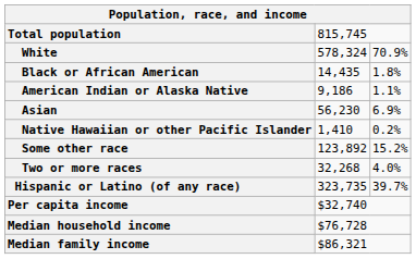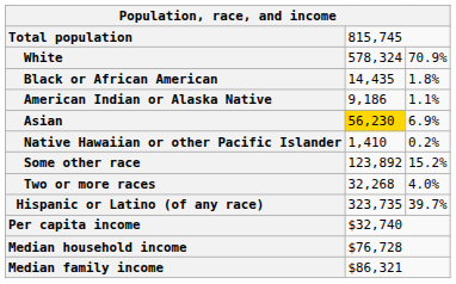 <table class="wikitable collapsible collapsed">
 <tr>
 <th colspan=6>Population, race, and income</th>
 </tr>
 <tr>
 <th scope="row" style="text-align: left;">Total population</th>
 <td colspan=2>815,745</td>
 </tr>
 <tr>
 <th scope="row" style="text-align: left;">  White</th>
 <td>578,324</td>
 <td>70.9%</td>
 </tr>
 <tr>
 <th scope="row" style="text-align: left;">  Black or African American</th>
 <td>14,435</td>
 <td>1.8%</td>
 </tr>
 <tr>
 <th scope="row" style="text-align: left;">  American Indian or Alaska Native</th>
 <td>9,186</td>
 <td>1.1%</td>
 </tr>
 <tr>
 <th scope="row" style="text-align: left;">  Asian</th>
-<td>56,230</td>
+<td style="background: gold;">56,230</td>
 <td>6.9%</td>
 </tr>
 <tr>
 <th scope="row" style="text-align: left;">  Native Hawaiian or other Pacific Islander</th>
 <td>1,410</td>
 <td>0.2%</td>
 </tr>
 <tr>
 <th scope="row" style="text-align: left;">  Some other race</th>
 <td>123,892</td>
 <td>15.2%</td>
 </tr>
 <tr>
 <th scope="row" style="text-align: left;">  Two or more races</th>
 <td>32,268</td>
 <td>4.0%</td>
 </tr>
 <tr>
 <th scope="row" style="text-align: left;"> Hispanic or Latino (of any race)</th>
 <td>323,735</td>
 <td>39.7%</td>
 </tr>
 <tr>
 <th scope="row" style="text-align: left;">Per capita income</th>
 <td colspan=2>$32,740</td>
 </tr>
 <tr>
 <th scope="row" style="text-align: left;">Median household income</th>
 <td colspan=2>$76,728</td>
 </tr>
 <tr>
 <th scope="row" style="text-align: left;">Median family income</th>
 <td colspan=2>$86,321</td>
 </tr>
 </table>
